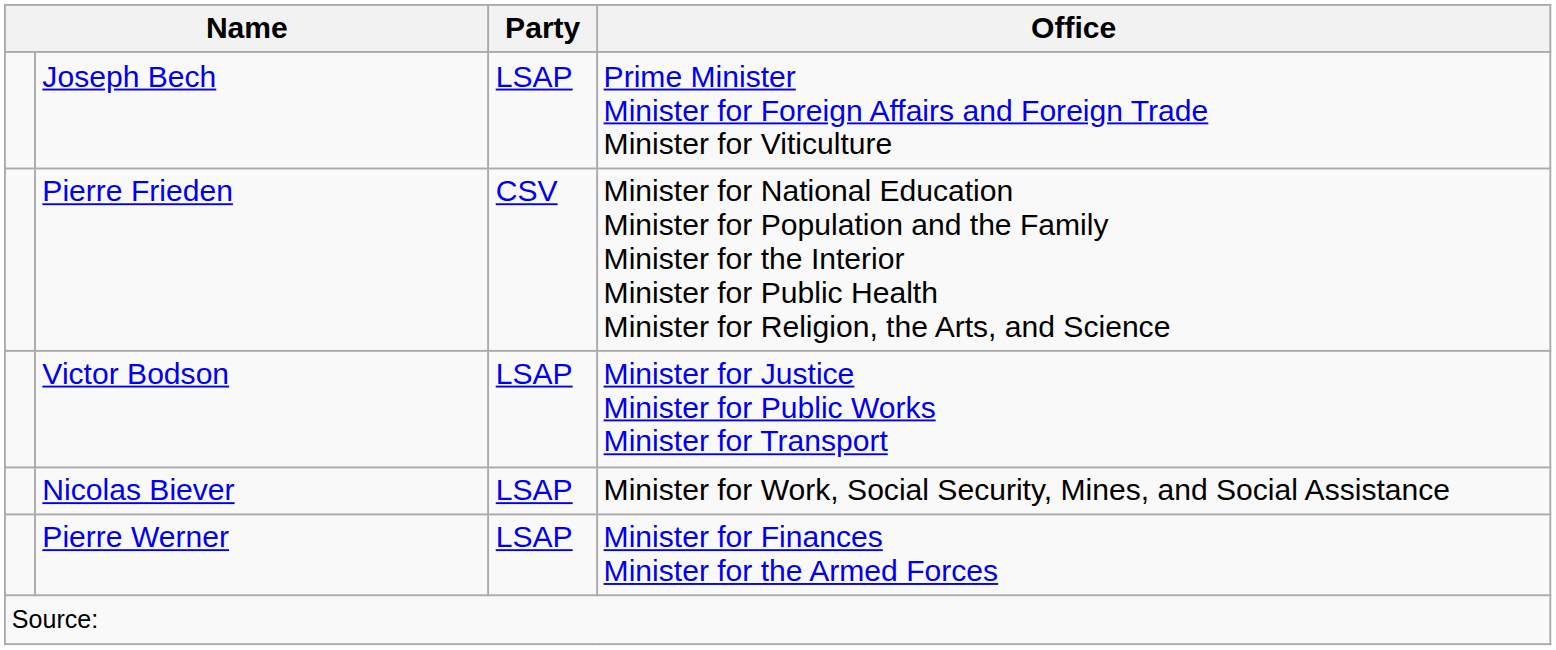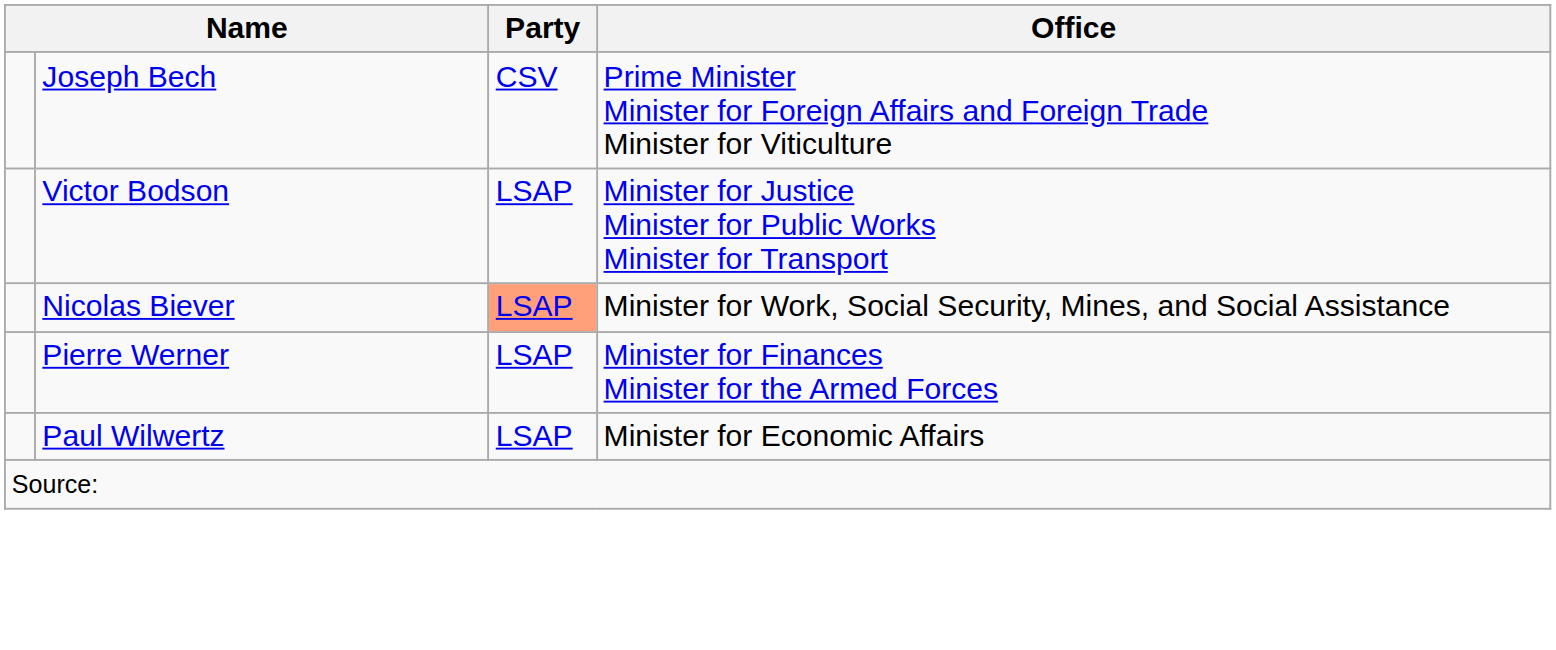 <table class="wikitable">
 <tr>
 <th colspan=2 width=250px>Name</th>
 <th width=50px>Party</th>
 <th width=500px>Office</th>
 </tr>
 <tr>
 <td style="background-color: "></td>
 <td valign=top><a href='#'>Joseph Bech</a></td>
-<td valign=top><a href='#'>LSAP</a></td>
+<td valign=top><a href='#'>CSV</a></td>
 <td><a href='#'>Prime Minister</a> <br> <a href='#'>Minister for Foreign Affairs and Foreign Trade</a> <br> Minister for Viticulture</td>
-</tr>
-<tr>
-<td style="background-color: "></td>
-<td valign=top><a href='#'>Pierre Frieden</a></td>
-<td valign=top><a href='#'>CSV</a></td>
-<td>Minister for National Education <br> Minister for Population and the Family <br> Minister for the Interior <br> Minister for Public Health <br> Minister for Religion, the Arts, and Science</td>
 </tr>
 <tr>
 <td style="background-color: "></td>
 <td valign=top><a href='#'>Victor Bodson</a></td>
 <td valign=top><a href='#'>LSAP</a></td>
 <td><a href='#'>Minister for Justice</a> <br> <a href='#'>Minister for Public Works</a> <br> <a href='#'>Minister for Transport</a></td>
 </tr>
 <tr>
 <td style="background-color: "></td>
 <td valign=top><a href='#'>Nicolas Biever</a></td>
-<td valign=top><a href='#'>LSAP</a></td>
+<td valign=top style="background: lightsalmon;"><a href='#'>LSAP</a></td>
 <td>Minister for Work, Social Security, Mines, and Social Assistance</td>
 </tr>
 <tr>
 <td style="background-color: "></td>
 <td valign=top><a href='#'>Pierre Werner</a></td>
 <td valign=top><a href='#'>LSAP</a></td>
 <td><a href='#'>Minister for Finances</a> <br> <a href='#'>Minister for the Armed Forces</a></td>
 </tr>
 <tr>
+<td style="background-color: "></td>
+<td valign=top><a href='#'>Paul Wilwertz</a></td>
+<td valign=top><a href='#'>LSAP</a></td>
+<td>Minister for Economic Affairs</td>
+</tr>
+<tr>
 <td colspan=4><small>Source: </small></td>
 </tr>
 </table>
